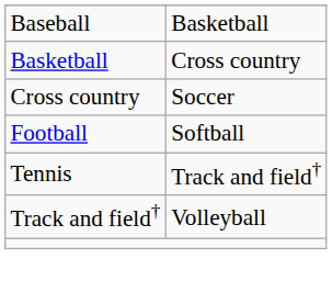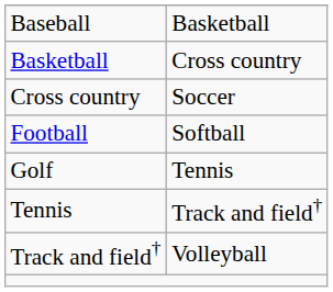 <table class="wikitable">
 <tr>
 </tr>
 <tr>
 <td>Baseball</td>
 <td>Basketball</td>
 </tr>
 <tr>
 <td><a href='#'>Basketball</a></td>
 <td>Cross country</td>
 </tr>
 <tr>
 <td>Cross country</td>
 <td>Soccer</td>
 </tr>
 <tr>
 <td><a href='#'>Football</a></td>
 <td>Softball</td>
 </tr>
 <tr>
+<td>Golf</td>
+<td>Tennis</td>
+</tr>
+<tr>
 <td>Tennis</td>
 <td>Track and field<sup>†</sup></td>
 </tr>
 <tr>
 <td>Track and field<sup>†</sup></td>
 <td>Volleyball</td>
 </tr>
 <tr>
 <td colspan="2"></td>
 </tr>
 </table>
